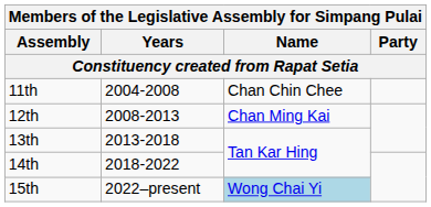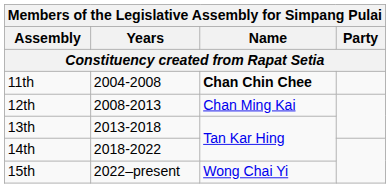 <table class="wikitable">
 <tr>
 <th colspan="4">Members of the Legislative Assembly for Simpang Pulai</th>
 </tr>
 <tr>
 <th>Assembly</th>
 <th>Years</th>
 <th>Name</th>
 <th>Party</th>
 </tr>
 <tr>
 <th colspan="4"><em>Constituency created from Rapat Setia</em></th>
 </tr>
 <tr>
 <td>11th</td>
 <td>2004-2008</td>
-<td>Chan Chin Chee</td>
+<td><strong>Chan Chin Chee</strong></td>
 <td></td>
 </tr>
 <tr>
 <td>12th</td>
 <td>2008-2013</td>
 <td><a href='#'>Chan Ming Kai</a></td>
 <td rowspan="2"></td>
 </tr>
 <tr>
 <td>13th</td>
 <td>2013-2018</td>
 <td rowspan="2"><a href='#'>Tan Kar Hing</a></td>
 </tr>
 <tr>
 <td>14th</td>
 <td>2018-2022</td>
 <td rowspan="2"></td>
 </tr>
 <tr>
 <td>15th</td>
 <td>2022–present</td>
-<td style="background: lightblue;"><a href='#'>Wong Chai Yi</a></td>
+<td><a href='#'>Wong Chai Yi</a></td>
 </tr>
 </table>
